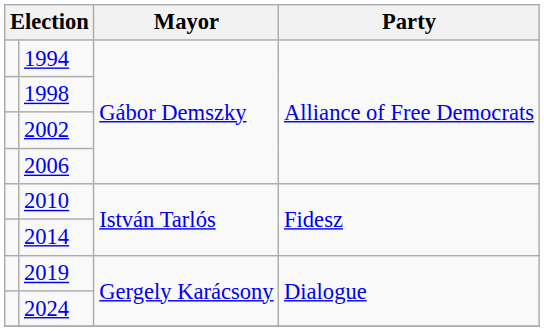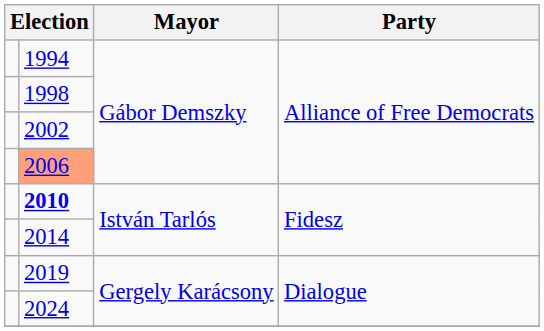 <table class="wikitable">
 <tr>
 <th colspan="2">Election</th>
 <th>Mayor</th>
 <th>Party</th>
 </tr>
 <tr>
 <td style="background-color: "></td>
 <td><a href='#'>1994</a></td>
 <td rowspan="4"><a href='#'>Gábor Demszky</a></td>
 <td rowspan="4"><a href='#'>Alliance of Free Democrats</a></td>
 </tr>
 <tr>
 <td style="background-color: "></td>
 <td><a href='#'>1998</a></td>
 </tr>
 <tr>
 <td style="background-color: "></td>
 <td><a href='#'>2002</a></td>
 </tr>
 <tr>
 <td style="background-color: "></td>
-<td><a href='#'>2006</a></td>
+<td style="background: lightsalmon;"><a href='#'>2006</a></td>
 </tr>
 <tr>
 <td style="background-color: "></td>
-<td><a href='#'>2010</a></td>
+<td><strong><a href='#'>2010</a></strong></td>
 <td rowspan="2"><a href='#'>István Tarlós</a></td>
 <td rowspan="2"><a href='#'>Fidesz</a></td>
 </tr>
 <tr>
 <td style="background-color: "></td>
 <td><a href='#'>2014</a></td>
 </tr>
 <tr>
 <td style="background-color: "></td>
 <td><a href='#'>2019</a></td>
 <td rowspan="2"><a href='#'>Gergely Karácsony</a></td>
 <td rowspan="2"><a href='#'>Dialogue</a></td>
 </tr>
 <tr>
 <td style="background-color: "></td>
 <td><a href='#'>2024</a></td>
 </tr>
 <tr>
 </tr>
 </table>
